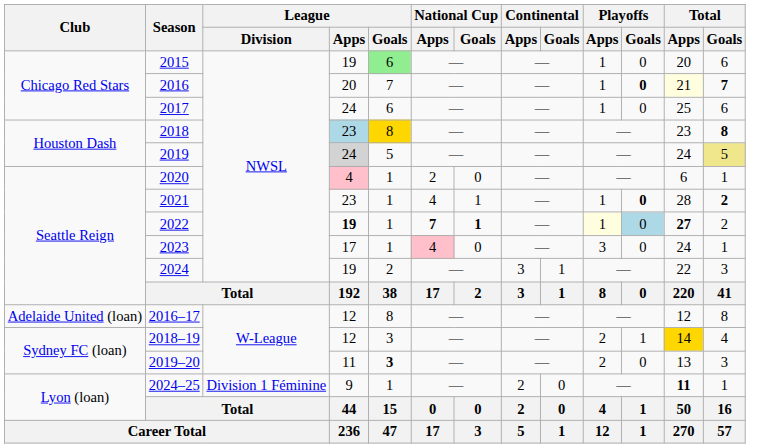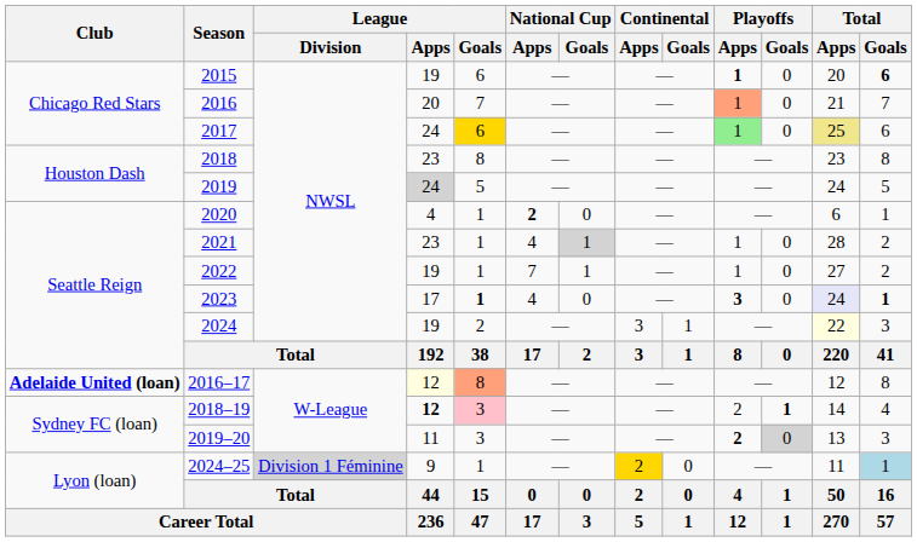 <table class="wikitable" style="text-align:center">
 <tr>
 <th rowspan="2">Club</th>
 <th rowspan="2">Season</th>
 <th colspan="3">League</th>
 <th colspan="2">National Cup</th>
 <th colspan="2">Continental</th>
 <th colspan="2">Playoffs</th>
 <th colspan="2">Total</th>
 </tr>
 <tr>
 <th>Division</th>
 <th>Apps</th>
 <th>Goals</th>
 <th>Apps</th>
 <th>Goals</th>
 <th>Apps</th>
 <th>Goals</th>
 <th>Apps</th>
 <th>Goals</th>
 <th>Apps</th>
 <th>Goals</th>
 </tr>
 <tr>
 <td rowspan="3"><a href='#'>Chicago Red Stars</a></td>
 <td><a href='#'>2015</a></td>
 <td rowspan="10"><a href='#'>NWSL</a></td>
 <td>19</td>
-<td style="background: lightgreen;">6</td>
+<td>6</td>
 <td colspan="2">—</td>
 <td colspan="2">—</td>
-<td>1</td>
+<td><strong>1</strong></td>
 <td>0</td>
 <td>20</td>
-<td>6</td>
+<td><strong>6</strong></td>
 </tr>
 <tr>
 <td><a href='#'>2016</a></td>
 <td>20</td>
 <td>7</td>
 <td colspan="2">—</td>
 <td colspan="2">—</td>
-<td>1</td>
-<td><strong>0</strong></td>
-<td style="background: lightyellow;">21</td>
-<td><strong>7</strong></td>
+<td style="background: lightsalmon;">1</td>
+<td>0</td>
+<td>21</td>
+<td>7</td>
 </tr>
 <tr>
 <td><a href='#'>2017</a></td>
 <td>24</td>
-<td>6</td>
+<td style="background: gold;">6</td>
 <td colspan="2">—</td>
 <td colspan="2">—</td>
-<td>1</td>
+<td style="background: lightgreen;">1</td>
 <td>0</td>
-<td>25</td>
+<td style="background: khaki;">25</td>
 <td>6</td>
 </tr>
 <tr>
 <td rowspan="2"><a href='#'>Houston Dash</a></td>
 <td><a href='#'>2018</a></td>
-<td style="background: lightblue;">23</td>
-<td style="background: gold;">8</td>
+<td>23</td>
+<td>8</td>
 <td colspan="2">—</td>
 <td colspan="2">—</td>
 <td colspan="2">—</td>
 <td>23</td>
-<td><strong>8</strong></td>
+<td>8</td>
 </tr>
 <tr>
 <td><a href='#'>2019</a></td>
 <td style="background: lightgrey;">24</td>
 <td>5</td>
 <td colspan="2">—</td>
 <td colspan="2">—</td>
 <td colspan="2">—</td>
 <td>24</td>
-<td style="background: khaki;">5</td>
+<td>5</td>
 </tr>
 <tr>
 <td rowspan="6"><a href='#'>Seattle Reign</a></td>
 <td><a href='#'>2020</a></td>
-<td style="background: pink;">4</td>
+<td>4</td>
 <td>1</td>
-<td>2</td>
+<td><strong>2</strong></td>
 <td>0</td>
 <td colspan="2">—</td>
 <td colspan="2">—</td>
 <td>6</td>
 <td>1</td>
 </tr>
 <tr>
 <td><a href='#'>2021</a></td>
 <td>23</td>
 <td>1</td>
 <td>4</td>
+<td style="background: lightgrey;">1</td>
+<td colspan="2">—</td>
+<td>1</td>
+<td>0</td>
+<td>28</td>
+<td>2</td>
+</tr>
+<tr>
+<td><a href='#'>2022</a></td>
+<td>19</td>
+<td>1</td>
+<td>7</td>
 <td>1</td>
 <td colspan="2">—</td>
 <td>1</td>
-<td><strong>0</strong></td>
-<td>28</td>
-<td><strong>2</strong></td>
-</tr>
-<tr>
-<td><a href='#'>2022</a></td>
-<td><strong>19</strong></td>
-<td>1</td>
-<td><strong>7</strong></td>
-<td><strong>1</strong></td>
-<td colspan="2">—</td>
-<td style="background: lightyellow;">1</td>
-<td style="background: lightblue;">0</td>
-<td><strong>27</strong></td>
+<td>0</td>
+<td>27</td>
 <td>2</td>
 </tr>
 <tr>
 <td><a href='#'>2023</a></td>
 <td>17</td>
-<td>1</td>
-<td style="background: pink;">4</td>
+<td><strong>1</strong></td>
+<td>4</td>
 <td>0</td>
 <td colspan="2">—</td>
-<td>3</td>
+<td><strong>3</strong></td>
 <td>0</td>
-<td>24</td>
-<td>1</td>
+<td style="background: lavender;">24</td>
+<td><strong>1</strong></td>
 </tr>
 <tr>
 <td><a href='#'>2024</a></td>
 <td>19</td>
 <td>2</td>
 <td colspan="2">—</td>
 <td>3</td>
 <td>1</td>
 <td colspan="2">—</td>
-<td>22</td>
+<td style="background: lightyellow;">22</td>
 <td>3</td>
 </tr>
 <tr>
 <th colspan="2">Total</th>
 <th>192</th>
 <th>38</th>
 <th>17</th>
 <th>2</th>
 <th>3</th>
 <th>1</th>
 <th>8</th>
 <th>0</th>
 <th>220</th>
 <th>41</th>
 </tr>
 <tr>
-<td><a href='#'>Adelaide United</a> (loan)</td>
+<td><strong><a href='#'>Adelaide United</a> (loan)</strong></td>
 <td><a href='#'>2016–17</a></td>
 <td rowspan="3"><a href='#'>W-League</a></td>
-<td>12</td>
-<td>8</td>
+<td style="background: lightyellow;">12</td>
+<td style="background: lightsalmon;">8</td>
 <td colspan="2">—</td>
 <td colspan="2">—</td>
 <td colspan="2">—</td>
 <td>12</td>
 <td>8</td>
 </tr>
 <tr>
 <td rowspan="2"><a href='#'>Sydney FC</a> (loan)</td>
 <td><a href='#'>2018–19</a></td>
-<td>12</td>
-<td>3</td>
+<td><strong>12</strong></td>
+<td style="background: pink;">3</td>
 <td colspan="2">—</td>
 <td colspan="2">—</td>
 <td>2</td>
-<td>1</td>
-<td style="background: gold;">14</td>
+<td><strong>1</strong></td>
+<td>14</td>
 <td>4</td>
 </tr>
 <tr>
 <td><a href='#'>2019–20</a></td>
 <td>11</td>
-<td><strong>3</strong></td>
+<td>3</td>
 <td colspan="2">—</td>
 <td colspan="2">—</td>
-<td>2</td>
-<td>0</td>
+<td><strong>2</strong></td>
+<td style="background: lightgrey;">0</td>
 <td>13</td>
 <td>3</td>
 </tr>
 <tr>
 <td rowspan="2"><a href='#'>Lyon</a> (loan)</td>
 <td><a href='#'>2024–25</a></td>
-<td><a href='#'>Division 1 Féminine</a></td>
+<td style="background: lightgrey;"><a href='#'>Division 1 Féminine</a></td>
 <td>9</td>
 <td>1</td>
 <td colspan="2">—</td>
-<td>2</td>
+<td style="background: gold;">2</td>
 <td>0</td>
 <td colspan="2">—</td>
-<td><strong>11</strong></td>
-<td>1</td>
+<td>11</td>
+<td style="background: lightblue;">1</td>
 </tr>
 <tr>
 <th colspan="2">Total</th>
 <th>44</th>
 <th>15</th>
 <th>0</th>
 <th>0</th>
 <th>2</th>
 <th>0</th>
 <th>4</th>
 <th>1</th>
 <th>50</th>
 <th>16</th>
 </tr>
 <tr>
 <th colspan="3">Career Total</th>
 <th>236</th>
 <th>47</th>
 <th>17</th>
 <th>3</th>
 <th>5</th>
 <th>1</th>
 <th>12</th>
 <th>1</th>
 <th>270</th>
 <th>57</th>
 </tr>
 </table>
